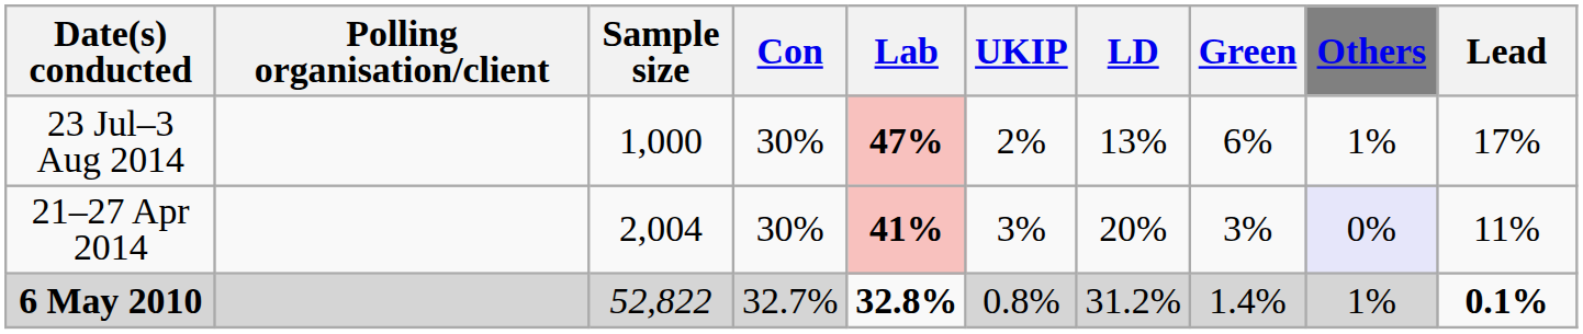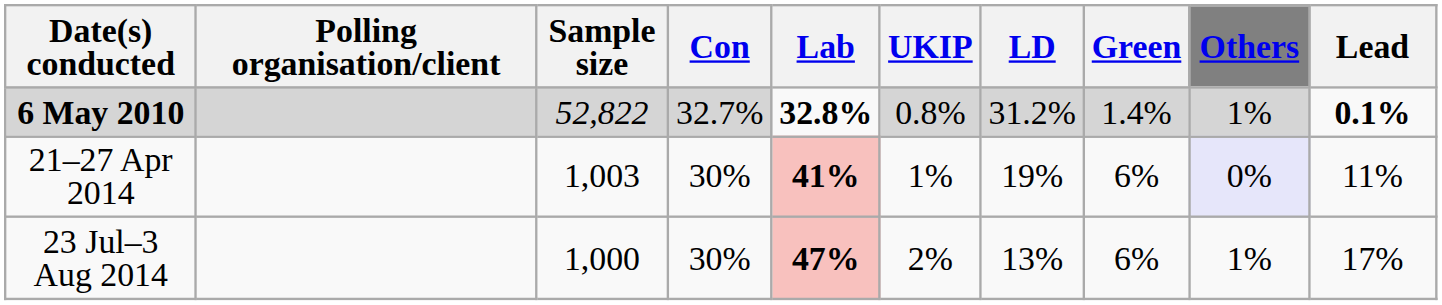 <table class="wikitable sortable" style="text-align:center;font-size:90%;line-height:14px">
 <tr>
 <th ! style="width:105px;">Date(s)<br>conducted</th>
 <th style="width:200px;">Polling organisation/client</th>
 <th class="unsortable" style="width:60px;">Sample size</th>
 <th class="unsortable" style="background:"><a href='#'><span>Con</span></a></th>
 <th class="unsortable" style="background:"><a href='#'><span>Lab</span></a></th>
 <th class="unsortable" style="background:"><a href='#'><span>UKIP</span></a></th>
 <th class="unsortable" style="background:"><a href='#'><span>LD</span></a></th>
 <th class="unsortable" style="background:"><a href='#'><span>Green</span></a></th>
 <th class="unsortable" style="background:gray; width:50px;"><a href='#'><span>Others</span></a></th>
 <th class="unsortable" style="width:85px;">Lead</th>
 </tr>
 <tr>
+<td style="background:#D5D5D5"><strong>6 May 2010</strong></td>
+<td style="background:#D5D5D5"></td>
+<td style="background:#D5D5D5"><em>52,822</em></td>
+<td style="background:#D5D5D5">32.7%</td>
+<td style="background:"><strong>32.8%</strong></td>
+<td style="background:#D5D5D5">0.8%</td>
+<td style="background:#D5D5D5">31.2%</td>
+<td style="background:#D5D5D5">1.4%</td>
+<td style="background:#D5D5D5">1%</td>
+<td style="background:"><strong>0.1% </strong></td>
+</tr>
+<tr>
+<td>21–27 Apr 2014</td>
+<td></td>
+<td>1,003</td>
+<td>30%</td>
+<td style="background:#F8C1BE"><strong>41%</strong></td>
+<td>1%</td>
+<td>19%</td>
+<td>6%</td>
+<td style="background: lavender;">0%</td>
+<td style="background:">11%</td>
+</tr>
+<tr>
 <td>23 Jul–3 Aug 2014</td>
 <td></td>
 <td>1,000</td>
 <td>30%</td>
 <td style="background:#F8C1BE"><strong>47%</strong></td>
 <td>2%</td>
 <td>13%</td>
 <td>6%</td>
 <td>1%</td>
 <td style="background:">17%</td>
 </tr>
-<tr>
-<td>21–27 Apr 2014</td>
-<td></td>
-<td>2,004</td>
-<td>30%</td>
-<td style="background:#F8C1BE"><strong>41%</strong></td>
-<td>3%</td>
-<td>20%</td>
-<td>3%</td>
-<td style="background: lavender;">0%</td>
-<td style="background:">11%</td>
-</tr>
-<tr>
-<td style="background:#D5D5D5"><strong>6 May 2010</strong></td>
-<td style="background:#D5D5D5"></td>
-<td style="background:#D5D5D5"><em>52,822</em></td>
-<td style="background:#D5D5D5">32.7%</td>
-<td style="background:"><strong>32.8%</strong></td>
-<td style="background:#D5D5D5">0.8%</td>
-<td style="background:#D5D5D5">31.2%</td>
-<td style="background:#D5D5D5">1.4%</td>
-<td style="background:#D5D5D5">1%</td>
-<td style="background:"><strong>0.1% </strong></td>
-</tr>
 </table>
